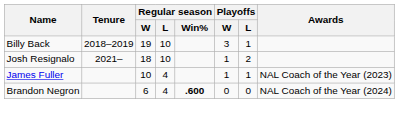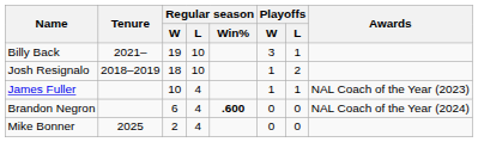 <table class="wikitable">
 <tr>
 <th rowspan="2">Name</th>
 <th rowspan="2">Tenure</th>
 <th colspan="3">Regular season</th>
 <th colspan="2">Playoffs</th>
 <th rowspan="2">Awards</th>
 </tr>
 <tr>
 <th rowspan="1">W</th>
 <th rowspan="1">L</th>
 <th rowspan="1">Win%</th>
 <th rowspan="1">W</th>
 <th rowspan="1">L</th>
 </tr>
 <tr>
 <td>Billy Back</td>
-<td style="text-align:center;">2018–2019</td>
+<td style="text-align:center;">2021–</td>
 <td style="text-align:center;">19</td>
 <td style="text-align:center;">10</td>
 <td style="text-align:center;"></td>
 <td style="text-align:center;">3</td>
 <td style="text-align:center;">1</td>
 <td></td>
 </tr>
 <tr>
 <td>Josh Resignalo</td>
-<td style="text-align:center;">2021–</td>
+<td style="text-align:center;">2018–2019</td>
 <td style="text-align:center;">18</td>
 <td style="text-align:center;">10</td>
 <td style="text-align:center;"></td>
 <td style="text-align:center;">1</td>
 <td style="text-align:center;">2</td>
 <td></td>
 </tr>
 <tr>
 <td><a href='#'>James Fuller</a></td>
 <td style="text-align:center;"></td>
 <td style="text-align:center;">10</td>
 <td style="text-align:center;">4</td>
 <td style="text-align:center;"></td>
 <td style="text-align:center;">1</td>
 <td style="text-align:center;">1</td>
 <td>NAL Coach of the Year (2023)</td>
 </tr>
 <tr>
 <td>Brandon Negron</td>
 <td style="text-align:center;"></td>
 <td style="text-align:center;">6</td>
 <td style="text-align:center;">4</td>
 <td style="text-align:center;"><strong>.600</strong></td>
 <td style="text-align:center;">0</td>
 <td style="text-align:center;">0</td>
 <td>NAL Coach of the Year (2024)</td>
 </tr>
+<tr>
+<td>Mike Bonner</td>
+<td style="text-align:center;">2025</td>
+<td style="text-align:center;">2</td>
+<td style="text-align:center;">4</td>
+<td style="text-align:center;"></td>
+<td style="text-align:center;">0</td>
+<td style="text-align:center;">0</td>
+<td></td>
+</tr>
 </table>
